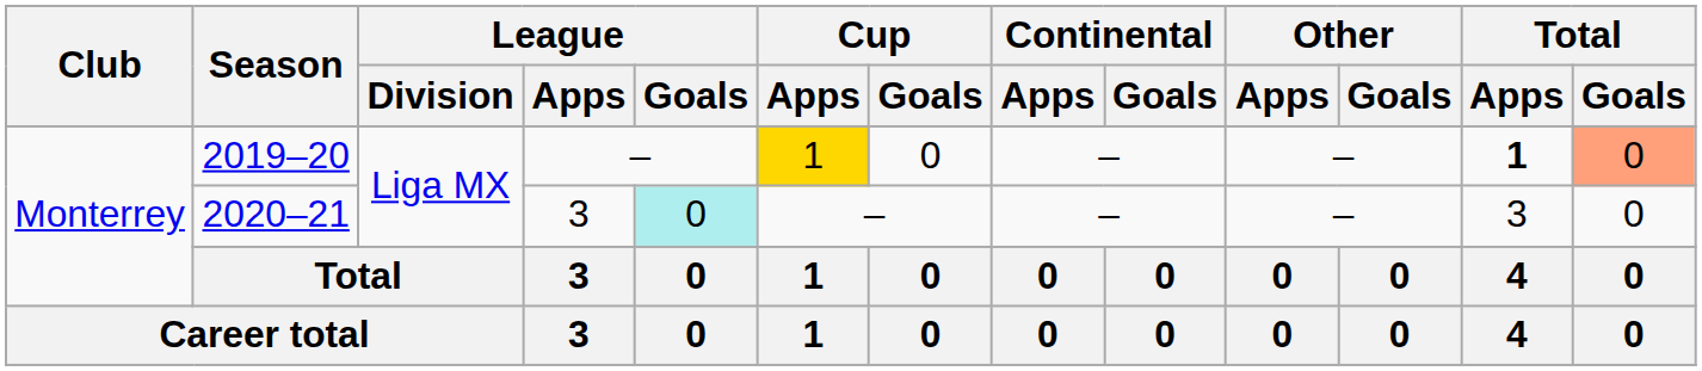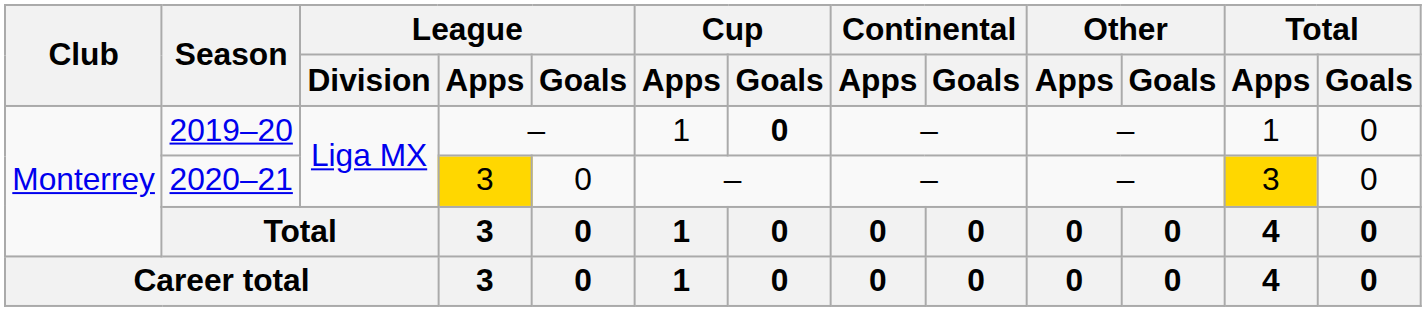 <table class="wikitable" style="text-align:center">
 <tr>
 <th rowspan="2">Club</th>
 <th rowspan="2">Season</th>
 <th colspan="3">League</th>
 <th colspan="2">Cup</th>
 <th colspan="2">Continental</th>
 <th colspan="2">Other</th>
 <th colspan="2">Total</th>
 </tr>
 <tr>
 <th>Division</th>
 <th>Apps</th>
 <th>Goals</th>
 <th>Apps</th>
 <th>Goals</th>
 <th>Apps</th>
 <th>Goals</th>
 <th>Apps</th>
 <th>Goals</th>
 <th>Apps</th>
 <th>Goals</th>
 </tr>
 <tr>
 <td rowspan="3"><a href='#'>Monterrey</a></td>
 <td><a href='#'>2019–20</a></td>
 <td rowspan="2"><a href='#'>Liga MX</a></td>
 <td colspan="2">–</td>
-<td style="background: gold;">1</td>
+<td>1</td>
+<td><strong>0</strong></td>
+<td colspan="2">–</td>
+<td colspan="2">–</td>
+<td>1</td>
+<td>0</td>
+</tr>
+<tr>
+<td><a href='#'>2020–21</a></td>
+<td style="background: gold;">3</td>
 <td>0</td>
 <td colspan="2">–</td>
 <td colspan="2">–</td>
-<td><strong>1</strong></td>
-<td style="background: lightsalmon;">0</td>
-</tr>
-<tr>
-<td><a href='#'>2020–21</a></td>
-<td>3</td>
-<td style="background: paleturquoise;">0</td>
 <td colspan="2">–</td>
-<td colspan="2">–</td>
-<td colspan="2">–</td>
-<td>3</td>
+<td style="background: gold;">3</td>
 <td>0</td>
 </tr>
 <tr>
 <th colspan="2">Total</th>
 <th>3</th>
 <th>0</th>
 <th>1</th>
 <th>0</th>
 <th>0</th>
 <th>0</th>
 <th>0</th>
 <th>0</th>
 <th>4</th>
 <th>0</th>
 </tr>
 <tr>
 <th colspan="3">Career total</th>
 <th>3</th>
 <th>0</th>
 <th>1</th>
 <th>0</th>
 <th>0</th>
 <th>0</th>
 <th>0</th>
 <th>0</th>
 <th>4</th>
 <th>0</th>
 </tr>
 </table>
